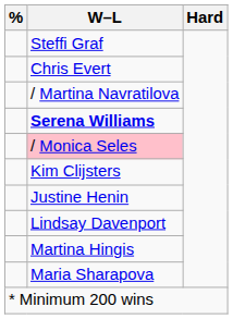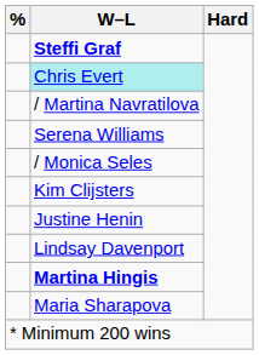 <table class="wikitable nowrap">
 <tr>
 <th>%</th>
 <th>W–L</th>
 <th>Hard</th>
 </tr>
 <tr>
 <td></td>
-<td> <a href='#'>Steffi Graf</a></td>
+<td><strong> <a href='#'>Steffi Graf</a></strong></td>
 </tr>
 <tr>
 <td></td>
-<td> <a href='#'>Chris Evert</a></td>
+<td style="background: paleturquoise;"> <a href='#'>Chris Evert</a></td>
 </tr>
 <tr>
 <td></td>
 <td>/ <a href='#'>Martina Navratilova</a></td>
 </tr>
 <tr>
 <td></td>
-<td><strong> <a href='#'>Serena Williams</a></strong></td>
+<td> <a href='#'>Serena Williams</a></td>
 </tr>
 <tr>
 <td></td>
-<td style="background: pink;">/ <a href='#'>Monica Seles</a></td>
+<td>/ <a href='#'>Monica Seles</a></td>
 </tr>
 <tr>
 <td></td>
 <td> <a href='#'>Kim Clijsters</a></td>
 </tr>
 <tr>
 <td></td>
 <td> <a href='#'>Justine Henin</a></td>
 </tr>
 <tr>
 <td></td>
 <td> <a href='#'>Lindsay Davenport</a></td>
 </tr>
 <tr>
 <td></td>
-<td> <a href='#'>Martina Hingis</a></td>
+<td><strong> <a href='#'>Martina Hingis</a></strong></td>
 </tr>
 <tr>
 <td></td>
 <td> <a href='#'>Maria Sharapova</a></td>
 </tr>
 <tr>
 <td colspan="3">* Minimum 200 wins</td>
 </tr>
 </table>
